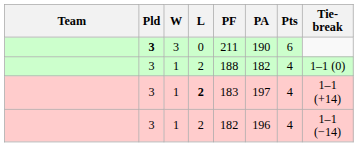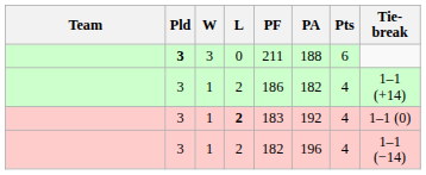 <table class="wikitable" style="text-align:center;">
 <tr>
 <th width=170>Team</th>
 <th width=25>Pld</th>
 <th width=25>W</th>
 <th width=25>L</th>
 <th width=35>PF</th>
 <th width=35>PA</th>
 <th width=25>Pts</th>
 <th width=60>Tie-break</th>
 </tr>
 <tr bgcolor=#ccffcc>
 <td align="left"></td>
 <td><strong>3</strong></td>
 <td>3</td>
 <td>0</td>
 <td>211</td>
-<td>190</td>
+<td>188</td>
 <td>6</td>
 </tr>
 <tr bgcolor=#ccffcc>
 <td align="left"></td>
 <td>3</td>
 <td>1</td>
 <td>2</td>
-<td>188</td>
+<td>186</td>
 <td>182</td>
 <td>4</td>
-<td>1–1 (0)</td>
+<td>1–1 (+14)</td>
 </tr>
 <tr bgcolor=#ffcccc>
 <td align="left"></td>
 <td>3</td>
 <td>1</td>
 <td><strong>2</strong></td>
 <td>183</td>
-<td>197</td>
+<td>192</td>
 <td>4</td>
-<td>1–1 (+14)</td>
+<td>1–1 (0)</td>
 </tr>
 <tr bgcolor=#ffcccc>
 <td align="left"></td>
 <td>3</td>
 <td>1</td>
 <td>2</td>
 <td>182</td>
 <td>196</td>
 <td>4</td>
 <td>1–1 (−14)</td>
 </tr>
 </table>
